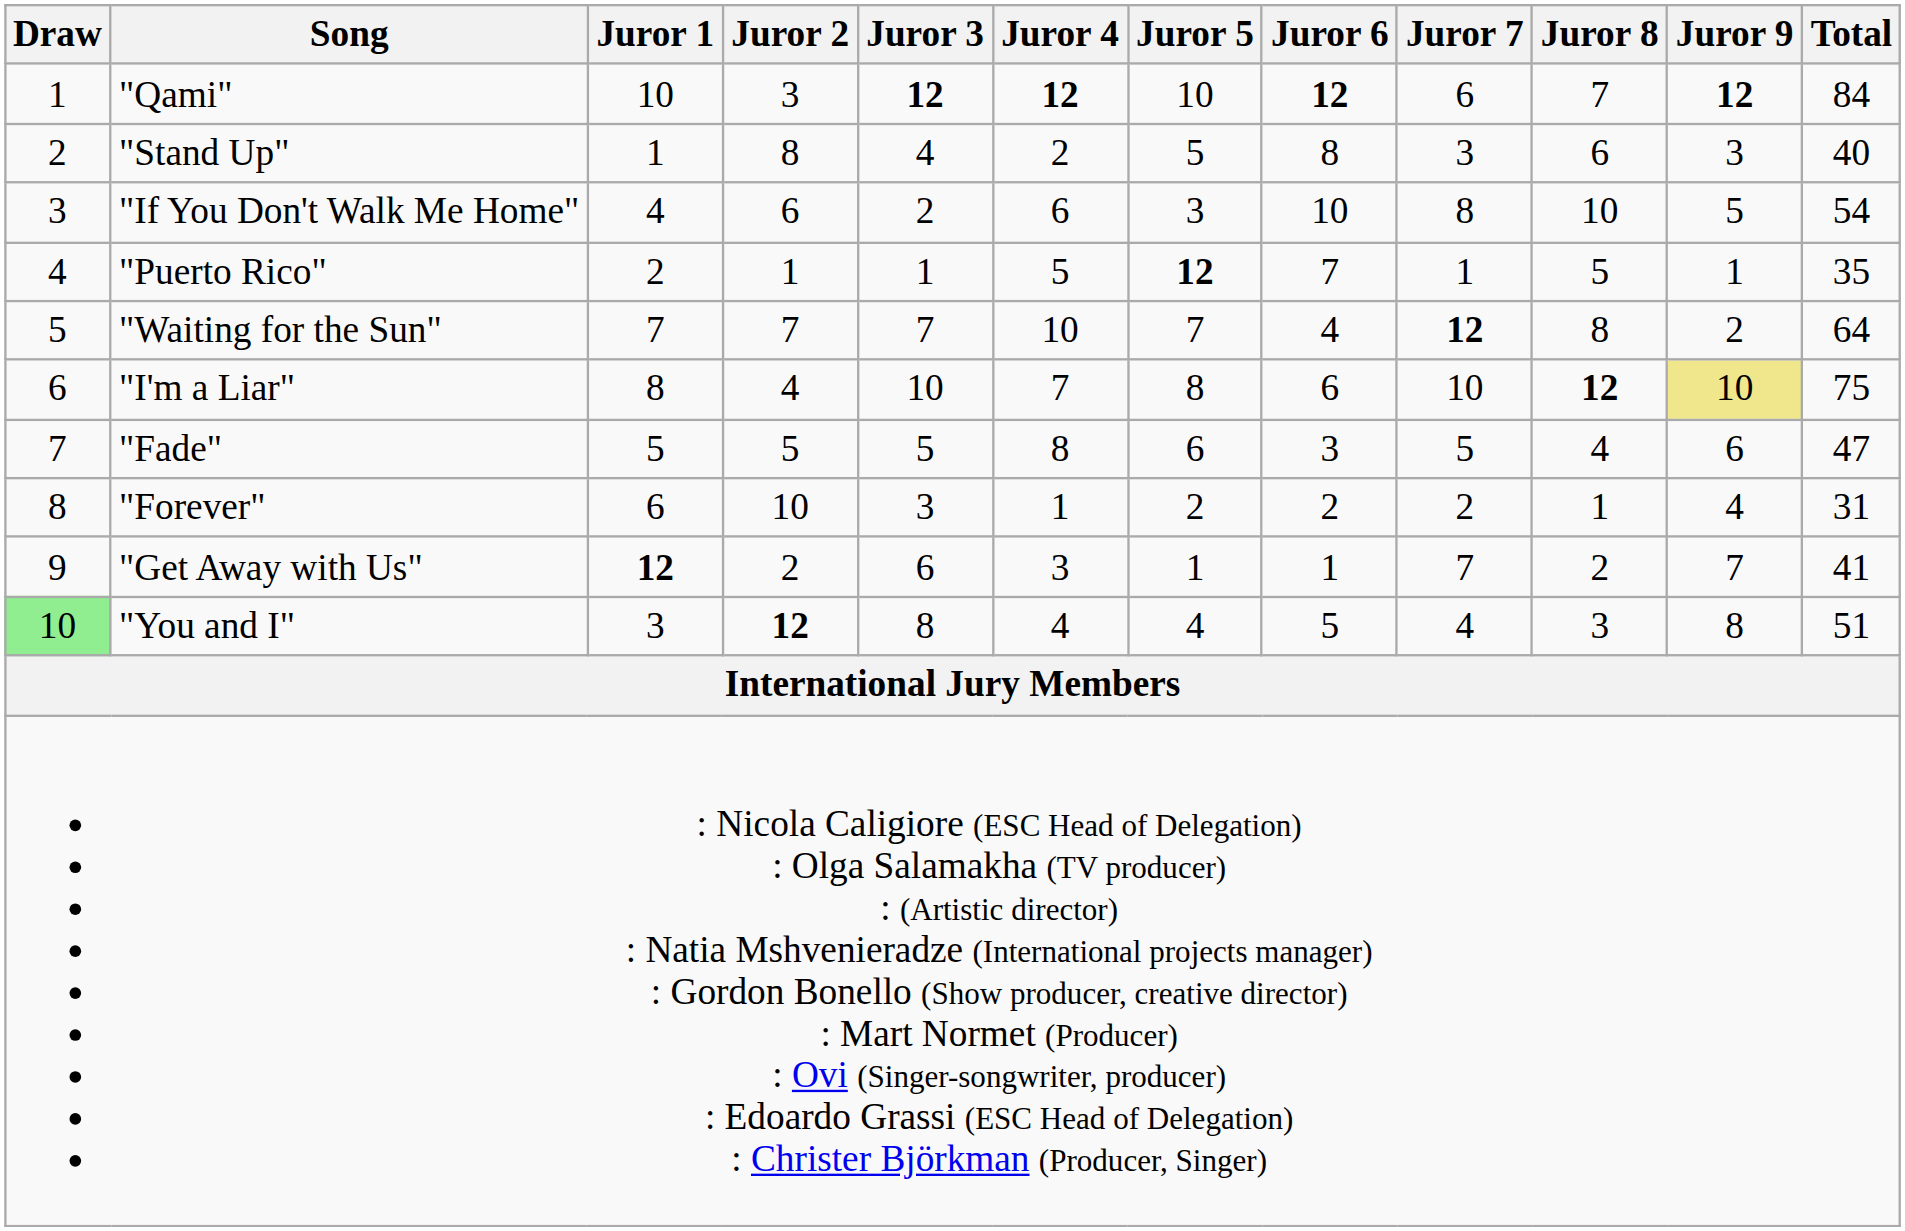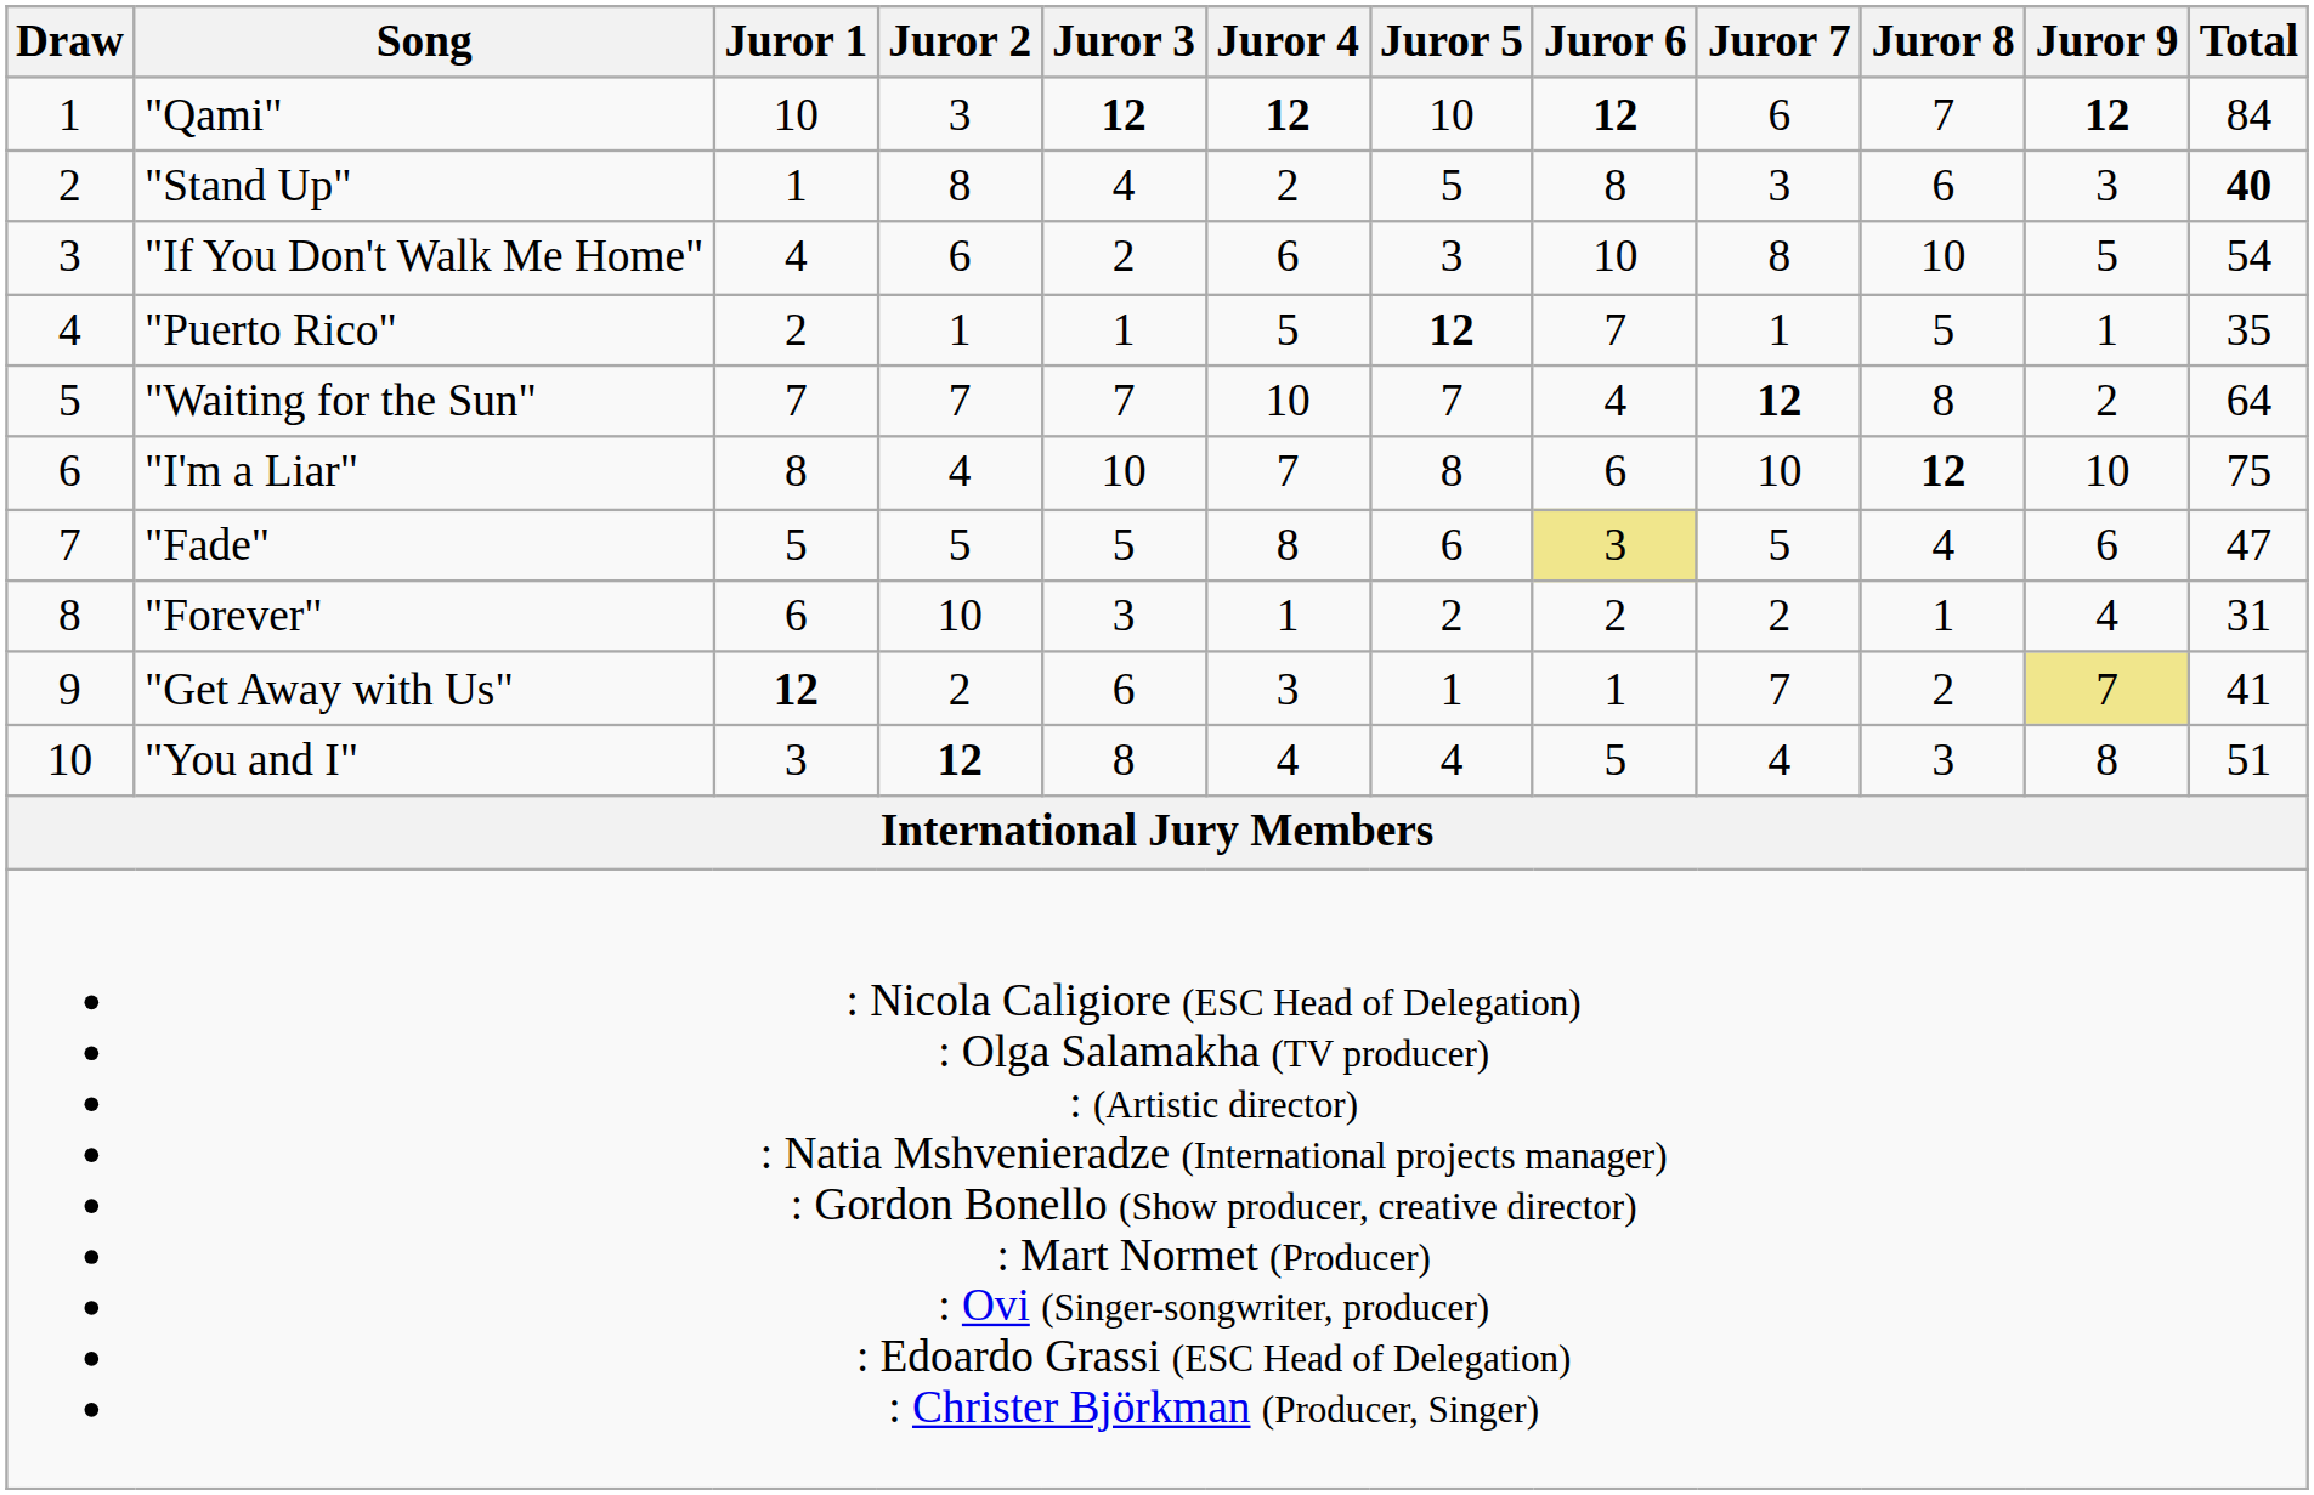 <table class="wikitable collapsible" style="margin: 1em auto 1em auto; text-align:center;">
 <tr>
 <th>Draw</th>
 <th>Song</th>
 <th>Juror 1</th>
 <th>Juror 2</th>
 <th>Juror 3</th>
 <th>Juror 4</th>
 <th>Juror 5</th>
 <th>Juror 6</th>
 <th>Juror 7</th>
 <th>Juror 8</th>
 <th>Juror 9</th>
 <th>Total</th>
 </tr>
 <tr>
 <td>1</td>
 <td align="left">"Qami"</td>
 <td>10</td>
 <td>3</td>
 <td><strong>12</strong></td>
 <td><strong>12</strong></td>
 <td>10</td>
 <td><strong>12</strong></td>
 <td>6</td>
 <td>7</td>
 <td><strong>12</strong></td>
 <td>84</td>
 </tr>
 <tr>
 <td>2</td>
 <td align="left">"Stand Up"</td>
 <td>1</td>
 <td>8</td>
 <td>4</td>
 <td>2</td>
 <td>5</td>
 <td>8</td>
 <td>3</td>
 <td>6</td>
 <td>3</td>
-<td>40</td>
+<td><strong>40</strong></td>
 </tr>
 <tr>
 <td>3</td>
 <td align="left">"If You Don't Walk Me Home"</td>
 <td>4</td>
 <td>6</td>
 <td>2</td>
 <td>6</td>
 <td>3</td>
 <td>10</td>
 <td>8</td>
 <td>10</td>
 <td>5</td>
 <td>54</td>
 </tr>
 <tr>
 <td>4</td>
 <td align="left">"Puerto Rico"</td>
 <td>2</td>
 <td>1</td>
 <td>1</td>
 <td>5</td>
 <td><strong>12</strong></td>
 <td>7</td>
 <td>1</td>
 <td>5</td>
 <td>1</td>
 <td>35</td>
 </tr>
 <tr>
 <td>5</td>
 <td align="left">"Waiting for the Sun"</td>
 <td>7</td>
 <td>7</td>
 <td>7</td>
 <td>10</td>
 <td>7</td>
 <td>4</td>
 <td><strong>12</strong></td>
 <td>8</td>
 <td>2</td>
 <td>64</td>
 </tr>
 <tr>
 <td>6</td>
 <td align="left">"I'm a Liar"</td>
 <td>8</td>
 <td>4</td>
 <td>10</td>
 <td>7</td>
 <td>8</td>
 <td>6</td>
 <td>10</td>
 <td><strong>12</strong></td>
-<td style="background: khaki;">10</td>
+<td>10</td>
 <td>75</td>
 </tr>
 <tr>
 <td>7</td>
 <td align="left">"Fade"</td>
 <td>5</td>
 <td>5</td>
 <td>5</td>
 <td>8</td>
 <td>6</td>
-<td>3</td>
+<td style="background: khaki;">3</td>
 <td>5</td>
 <td>4</td>
 <td>6</td>
 <td>47</td>
 </tr>
 <tr>
 <td>8</td>
 <td align="left">"Forever"</td>
 <td>6</td>
 <td>10</td>
 <td>3</td>
 <td>1</td>
 <td>2</td>
 <td>2</td>
 <td>2</td>
 <td>1</td>
 <td>4</td>
 <td>31</td>
 </tr>
 <tr>
 <td>9</td>
 <td align="left">"Get Away with Us"</td>
 <td><strong>12</strong></td>
 <td>2</td>
 <td>6</td>
 <td>3</td>
 <td>1</td>
 <td>1</td>
 <td>7</td>
 <td>2</td>
-<td>7</td>
+<td style="background: khaki;">7</td>
 <td>41</td>
 </tr>
 <tr>
-<td style="background: lightgreen;">10</td>
+<td>10</td>
 <td align="left">"You and I"</td>
 <td>3</td>
 <td><strong>12</strong></td>
 <td>8</td>
 <td>4</td>
 <td>4</td>
 <td>5</td>
 <td>4</td>
 <td>3</td>
 <td>8</td>
 <td>51</td>
 </tr>
 <tr>
 <th colspan="12">International Jury Members</th>
 </tr>
 <tr>
 <td colspan="12"><br><ul><li>: Nicola Caligiore <small>(ESC Head of Delegation)</small></li><li>: Olga Salamakha <small>(TV producer)</small></li><li>:  <small>(Artistic director)</small></li><li>: Natia Mshvenieradze <small>(International projects manager)</small></li><li>: Gordon Bonello <small>(Show producer, creative director)</small></li><li>: Mart Normet <small>(Producer)</small></li><li>: <a href='#'>Ovi</a> <small>(Singer-songwriter, producer)</small></li><li>: Edoardo Grassi <small>(ESC Head of Delegation)</small></li><li>: <a href='#'>Christer Björkman</a> <small>(Producer, Singer)</small></li></ul></td>
 </tr>
 </table>
